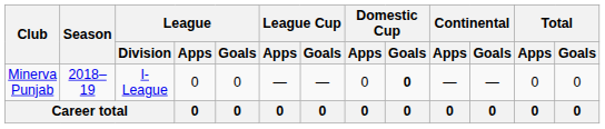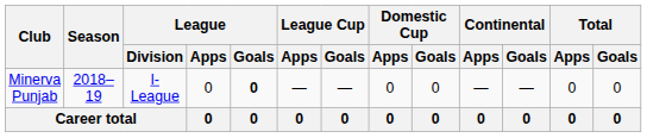 <table class="wikitable" style="text-align: center;">
 <tr>
 <th rowspan="2">Club</th>
 <th rowspan="2">Season</th>
 <th colspan="3">League</th>
 <th colspan="2">League Cup</th>
 <th colspan="2">Domestic Cup</th>
 <th colspan="2">Continental</th>
 <th colspan="2">Total</th>
 </tr>
 <tr>
 <th>Division</th>
 <th>Apps</th>
 <th>Goals</th>
 <th>Apps</th>
 <th>Goals</th>
 <th>Apps</th>
 <th>Goals</th>
 <th>Apps</th>
 <th>Goals</th>
 <th>Apps</th>
 <th>Goals</th>
 </tr>
 <tr>
 <td rowspan="1"><a href='#'>Minerva Punjab</a></td>
 <td><a href='#'>2018–19</a></td>
 <td><a href='#'>I-League</a></td>
 <td>0</td>
-<td>0</td>
+<td><strong>0</strong></td>
 <td>—</td>
 <td>—</td>
 <td>0</td>
-<td><strong>0</strong></td>
+<td>0</td>
 <td>—</td>
 <td>—</td>
 <td>0</td>
 <td>0</td>
 </tr>
 <tr>
 <th colspan="3">Career total</th>
 <th>0</th>
 <th>0</th>
 <th>0</th>
 <th>0</th>
 <th>0</th>
 <th>0</th>
 <th>0</th>
 <th>0</th>
 <th>0</th>
 <th>0</th>
 </tr>
 </table>
